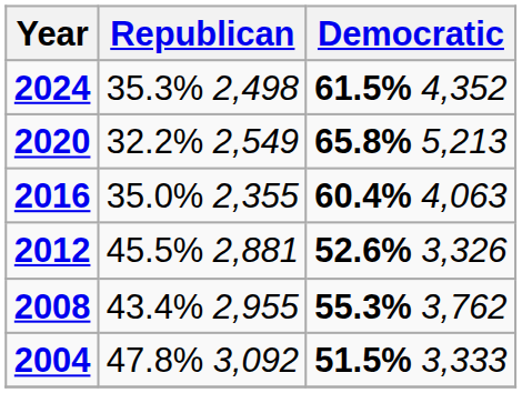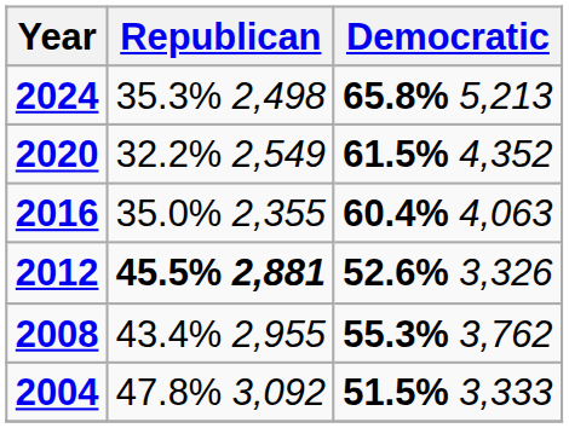 <table class="wikitable" style="float:right; margin: 1em 1em 1em 0; font-size: 95%;">
 <tr>
 <th>Year</th>
 <th><a href='#'>Republican</a></th>
 <th><a href='#'>Democratic</a></th>
 </tr>
 <tr>
 <td style="text-align:center; "><strong><a href='#'>2024</a></strong></td>
 <td style="text-align:center; ">35.3% <em>2,498</em></td>
-<td style="text-align:center; "><strong>61.5%</strong> <em>4,352</em></td>
+<td style="text-align:center; "><strong>65.8%</strong>  <em>5,213</em></td>
 </tr>
 <tr>
 <td style="text-align:center; "><strong><a href='#'>2020</a></strong></td>
 <td style="text-align:center; ">32.2% <em>2,549</em></td>
-<td style="text-align:center; "><strong>65.8%</strong>  <em>5,213</em></td>
+<td style="text-align:center; "><strong>61.5%</strong> <em>4,352</em></td>
 </tr>
 <tr>
 <td style="text-align:center; "><strong><a href='#'>2016</a></strong></td>
 <td style="text-align:center; ">35.0% <em>2,355</em></td>
 <td style="text-align:center; "><strong>60.4%</strong>  <em>4,063</em></td>
 </tr>
 <tr>
 <td style="text-align:center; "><strong><a href='#'>2012</a></strong></td>
-<td style="text-align:center; ">45.5% <em>2,881</em></td>
+<td style="text-align:center; "><strong>45.5% <em>2,881</em></strong></td>
 <td style="text-align:center; "><strong>52.6%</strong>  <em>3,326</em></td>
 </tr>
 <tr>
 <td style="text-align:center; "><strong><a href='#'>2008</a></strong></td>
 <td style="text-align:center; ">43.4% <em>2,955</em></td>
 <td style="text-align:center; "><strong>55.3%</strong>  <em>3,762</em></td>
 </tr>
 <tr>
 <td style="text-align:center; "><strong><a href='#'>2004</a></strong></td>
 <td style="text-align:center; ">47.8% <em>3,092</em></td>
 <td style="text-align:center; "><strong>51.5%</strong> <em>3,333</em></td>
 </tr>
 <tr>
 </tr>
 </table>
